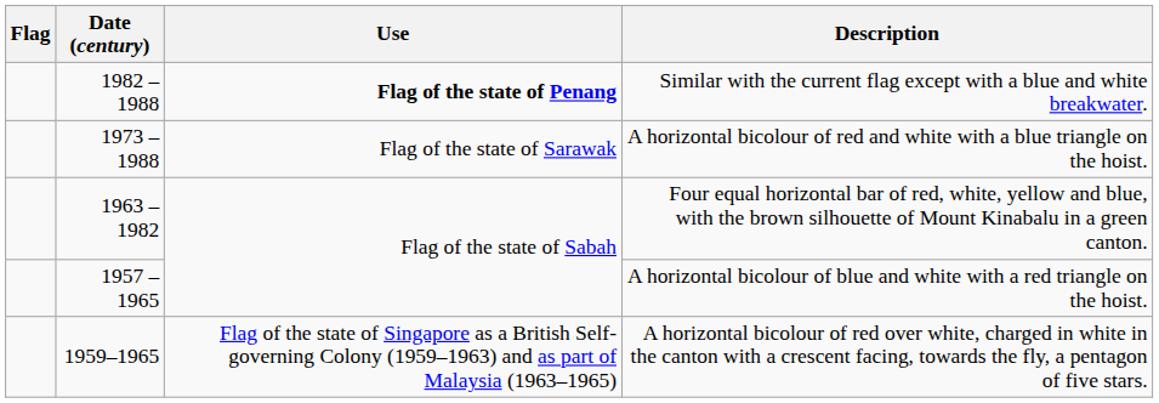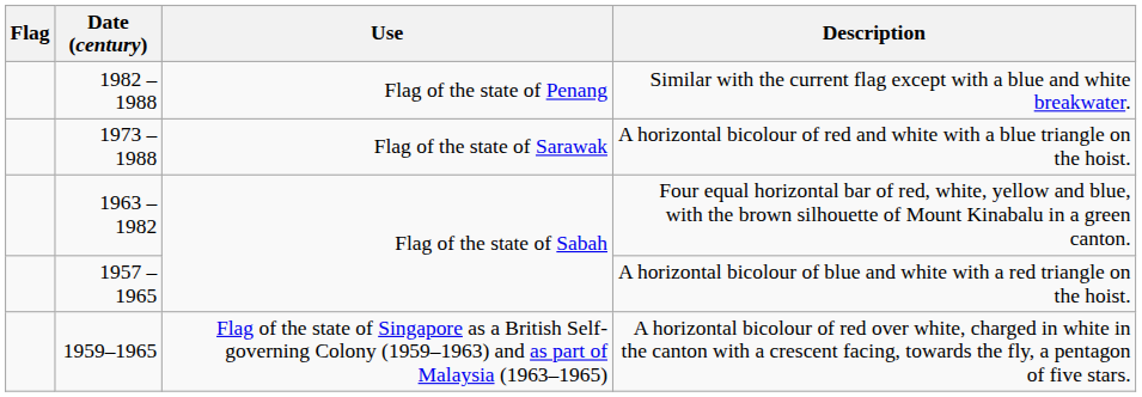 <table class="wikitable sortable" style="text-align:right">
 <tr bgcolor="#efefef">
 <th>Flag</th>
 <th>Date (<em>century</em>)</th>
 <th>Use</th>
 <th>Description</th>
 </tr>
 <tr>
 <td></td>
 <td>1982 – 1988</td>
-<td><strong>Flag of the state of <a href='#'>Penang</a></strong></td>
+<td>Flag of the state of <a href='#'>Penang</a></td>
 <td>Similar with the current flag except with a blue and white <a href='#'>breakwater</a>.</td>
 </tr>
 <tr>
 <td></td>
 <td>1973 – 1988</td>
 <td>Flag of the state of <a href='#'>Sarawak</a></td>
 <td>A horizontal bicolour of red and white with a blue triangle on the hoist.</td>
 </tr>
 <tr>
 <td></td>
 <td>1963 – 1982</td>
 <td rowspan=2>Flag of the state of <a href='#'>Sabah</a></td>
 <td>Four equal horizontal bar of red, white, yellow and blue, with the brown silhouette of Mount Kinabalu in a green canton.</td>
 </tr>
 <tr>
 <td></td>
 <td>1957 – 1965</td>
 <td>A horizontal bicolour of blue and white with a red triangle on the hoist.</td>
 </tr>
 <tr>
 <td></td>
 <td>1959–1965</td>
 <td><a href='#'>Flag</a> of the state of <a href='#'>Singapore</a> as a British Self-governing Colony (1959–1963) and <a href='#'>as part of Malaysia</a> (1963–1965)</td>
 <td>A horizontal bicolour of red over white, charged in white in the canton with a crescent facing, towards the fly, a pentagon of five stars.</td>
 </tr>
 </table>
